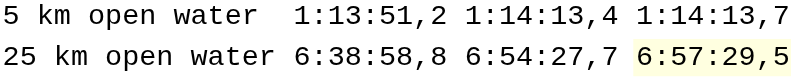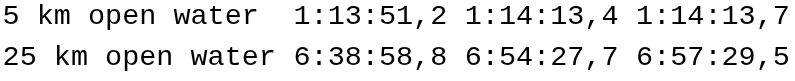 <table>
 <tr>
 <td>5 km open water</td>
 <td></td>
 <td>1:13:51,2</td>
 <td></td>
 <td>1:14:13,4</td>
 <td></td>
 <td>1:14:13,7</td>
 </tr>
 <tr>
 <td>25 km open water</td>
 <td></td>
 <td>6:38:58,8</td>
 <td></td>
 <td>6:54:27,7</td>
 <td></td>
-<td style="background: lightyellow;">6:57:29,5</td>
+<td>6:57:29,5</td>
 </tr>
 </table>
